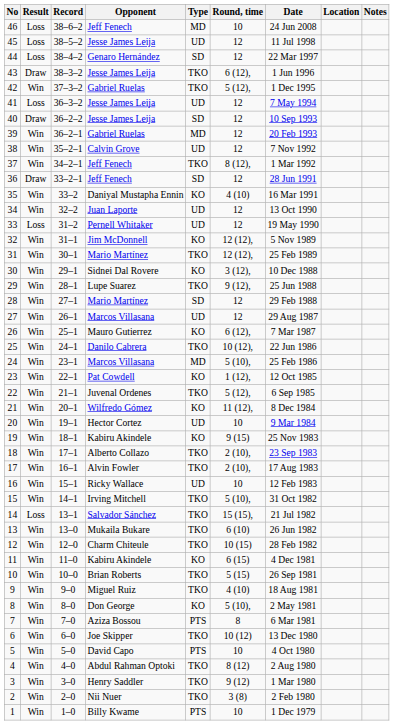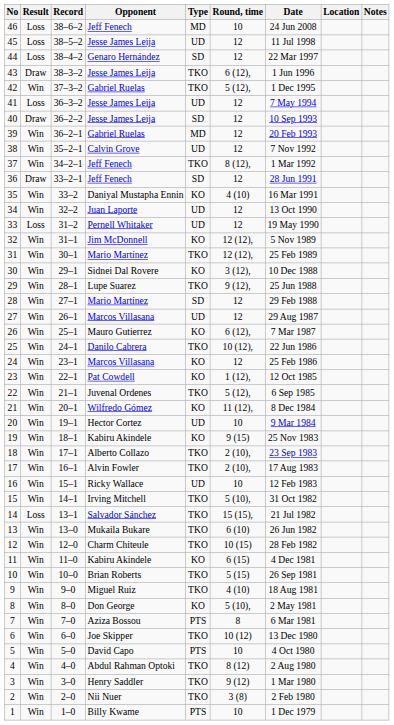 <table class="wikitable" style="text-align:center">
 <tr>
 <th>No</th>
 <th>Result</th>
 <th>Record</th>
 <th>Opponent</th>
 <th>Type</th>
 <th>Round, time</th>
 <th>Date</th>
 <th>Location</th>
 <th>Notes</th>
 </tr>
 <tr align=center>
 <td>46</td>
 <td>Loss</td>
 <td>38–6–2</td>
 <td align=left><a href='#'>Jeff Fenech</a></td>
 <td>MD</td>
 <td>10</td>
 <td>24 Jun 2008</td>
 <td align=left></td>
 <td></td>
 </tr>
 <tr align=center>
 <td>45</td>
 <td>Loss</td>
 <td>38–5–2</td>
 <td align=left><a href='#'>Jesse James Leija</a></td>
 <td>UD</td>
 <td>12</td>
 <td>11 Jul 1998</td>
 <td align=left></td>
 <td></td>
 </tr>
 <tr align=center>
 <td>44</td>
 <td>Loss</td>
 <td>38–4–2</td>
 <td align=left><a href='#'>Genaro Hernández</a></td>
 <td>SD</td>
 <td>12</td>
 <td>22 Mar 1997</td>
 <td align=left></td>
 <td align=left></td>
 </tr>
 <tr align=center>
 <td>43</td>
 <td>Draw</td>
 <td>38–3–2</td>
 <td align=left><a href='#'>Jesse James Leija</a></td>
 <td>TKO</td>
 <td>6 (12), </td>
 <td>1 Jun 1996</td>
 <td align=left></td>
 <td align=left></td>
 </tr>
 <tr align=center>
 <td>42</td>
 <td>Win</td>
 <td>37–3–2</td>
 <td align=left><a href='#'>Gabriel Ruelas</a></td>
 <td>TKO</td>
 <td>5 (12), </td>
 <td>1 Dec 1995</td>
 <td align=left></td>
 <td align=left></td>
 </tr>
 <tr align=center>
 <td>41</td>
 <td>Loss</td>
 <td>36–3–2</td>
 <td align=left><a href='#'>Jesse James Leija</a></td>
 <td>UD</td>
 <td>12</td>
 <td><a href='#'>7 May 1994</a></td>
 <td align=left></td>
 <td align=left></td>
 </tr>
 <tr align=center>
 <td>40</td>
 <td>Draw</td>
 <td>36–2–2</td>
 <td align=left><a href='#'>Jesse James Leija</a></td>
 <td>SD</td>
 <td>12</td>
 <td><a href='#'>10 Sep 1993</a></td>
 <td align=left></td>
 <td align=left></td>
 </tr>
 <tr align=center>
 <td>39</td>
 <td>Win</td>
 <td>36–2–1</td>
 <td align=left><a href='#'>Gabriel Ruelas</a></td>
 <td>MD</td>
 <td>12</td>
 <td><a href='#'>20 Feb 1993</a></td>
 <td align=left></td>
 <td align=left></td>
 </tr>
 <tr align=center>
 <td>38</td>
 <td>Win</td>
 <td>35–2–1</td>
 <td align=left><a href='#'>Calvin Grove</a></td>
 <td>UD</td>
 <td>12</td>
 <td>7 Nov 1992</td>
 <td align=left></td>
 <td align=left></td>
 </tr>
 <tr align=center>
 <td>37</td>
 <td>Win</td>
 <td>34–2–1</td>
 <td align=left><a href='#'>Jeff Fenech</a></td>
 <td>TKO</td>
 <td>8 (12), </td>
 <td>1 Mar 1992</td>
 <td align=left></td>
 <td align=left></td>
 </tr>
 <tr align=center>
 <td>36</td>
 <td>Draw</td>
 <td>33–2–1</td>
 <td align=left><a href='#'>Jeff Fenech</a></td>
 <td>SD</td>
 <td>12</td>
 <td><a href='#'>28 Jun 1991</a></td>
 <td align=left></td>
 <td align=left></td>
 </tr>
 <tr align=center>
 <td>35</td>
 <td>Win</td>
 <td>33–2</td>
 <td align=left>Daniyal Mustapha Ennin</td>
 <td>KO</td>
 <td>4 (10)</td>
 <td>16 Mar 1991</td>
 <td align=left></td>
 <td></td>
 </tr>
 <tr align=center>
 <td>34</td>
 <td>Win</td>
 <td>32–2</td>
 <td align=left><a href='#'>Juan Laporte</a></td>
 <td>UD</td>
 <td>12</td>
 <td>13 Oct 1990</td>
 <td align=left></td>
 <td align=left></td>
 </tr>
 <tr align=center>
 <td>33</td>
 <td>Loss</td>
 <td>31–2</td>
 <td align=left><a href='#'>Pernell Whitaker</a></td>
 <td>UD</td>
 <td>12</td>
 <td>19 May 1990</td>
 <td align=left></td>
 <td align=left></td>
 </tr>
 <tr align=center>
 <td>32</td>
 <td>Win</td>
 <td>31–1</td>
 <td align=left><a href='#'>Jim McDonnell</a></td>
 <td>KO</td>
 <td>12 (12), </td>
 <td>5 Nov 1989</td>
 <td align=left></td>
 <td align=left></td>
 </tr>
 <tr align=center>
 <td>31</td>
 <td>Win</td>
 <td>30–1</td>
 <td align=left><a href='#'>Mario Martínez</a></td>
 <td>TKO</td>
 <td>12 (12), </td>
 <td>25 Feb 1989</td>
 <td align=left></td>
 <td align=left></td>
 </tr>
 <tr align=center>
 <td>30</td>
 <td>Win</td>
 <td>29–1</td>
 <td align=left>Sidnei Dal Rovere</td>
 <td>KO</td>
 <td>3 (12), </td>
 <td>10 Dec 1988</td>
 <td align=left></td>
 <td align=left></td>
 </tr>
 <tr align=center>
 <td>29</td>
 <td>Win</td>
 <td>28–1</td>
 <td align=left>Lupe Suarez</td>
 <td>TKO</td>
 <td>9 (12), </td>
 <td>25 Jun 1988</td>
 <td align=left></td>
 <td align=left></td>
 </tr>
 <tr align=center>
 <td>28</td>
 <td>Win</td>
 <td>27–1</td>
 <td align=left><a href='#'>Mario Martínez</a></td>
 <td>SD</td>
 <td>12</td>
 <td>29 Feb 1988</td>
 <td align=left></td>
 <td align=left></td>
 </tr>
 <tr align=center>
 <td>27</td>
 <td>Win</td>
 <td>26–1</td>
 <td align=left><a href='#'>Marcos Villasana</a></td>
 <td>UD</td>
 <td>12</td>
 <td>29 Aug 1987</td>
 <td align=left></td>
 <td align=left></td>
 </tr>
 <tr align=center>
 <td>26</td>
 <td>Win</td>
 <td>25–1</td>
 <td align=left>Mauro Gutierrez</td>
 <td>KO</td>
 <td>6 (12), </td>
 <td>7 Mar 1987</td>
 <td align=left></td>
 <td align=left></td>
 </tr>
 <tr align=center>
 <td>25</td>
 <td>Win</td>
 <td>24–1</td>
 <td align=left><a href='#'>Danilo Cabrera</a></td>
 <td>TKO</td>
 <td>10 (12), </td>
 <td>22 Jun 1986</td>
 <td align=left></td>
 <td align=left></td>
 </tr>
 <tr align=center>
 <td>24</td>
 <td>Win</td>
 <td>23–1</td>
 <td align=left><a href='#'>Marcos Villasana</a></td>
-<td>MD</td>
-<td>5 (10), </td>
+<td>KO</td>
+<td>12</td>
 <td>25 Feb 1986</td>
 <td align=left></td>
 <td align=left></td>
 </tr>
 <tr align=center>
 <td>23</td>
 <td>Win</td>
 <td>22–1</td>
 <td align=left><a href='#'>Pat Cowdell</a></td>
 <td>KO</td>
 <td>1 (12), </td>
 <td>12 Oct 1985</td>
 <td align=left></td>
 <td align=left></td>
 </tr>
 <tr align=center>
 <td>22</td>
 <td>Win</td>
 <td>21–1</td>
 <td align=left>Juvenal Ordenes</td>
 <td>TKO</td>
 <td>5 (12), </td>
 <td>6 Sep 1985</td>
 <td align=left></td>
 <td align=left></td>
 </tr>
 <tr align=center>
 <td>21</td>
 <td>Win</td>
 <td>20–1</td>
 <td align=left><a href='#'>Wilfredo Gómez</a></td>
 <td>KO</td>
 <td>11 (12), </td>
 <td>8 Dec 1984</td>
 <td align=left></td>
 <td align=left></td>
 </tr>
 <tr align=center>
 <td>20</td>
 <td>Win</td>
 <td>19–1</td>
 <td align=left>Hector Cortez</td>
 <td>UD</td>
 <td>10</td>
 <td><a href='#'>9 Mar 1984</a></td>
 <td align=left></td>
 <td></td>
 </tr>
 <tr align=center>
 <td>19</td>
 <td>Win</td>
 <td>18–1</td>
 <td align=left>Kabiru Akindele</td>
 <td>KO</td>
 <td>9 (15)</td>
 <td>25 Nov 1983</td>
 <td align=left></td>
 <td align=left></td>
 </tr>
 <tr align=center>
 <td>18</td>
 <td>Win</td>
 <td>17–1</td>
 <td align=left>Alberto Collazo</td>
 <td>TKO</td>
 <td>2 (10), </td>
 <td><a href='#'>23 Sep 1983</a></td>
 <td align=left></td>
 <td></td>
 </tr>
 <tr align=center>
 <td>17</td>
 <td>Win</td>
 <td>16–1</td>
 <td align=left>Alvin Fowler</td>
 <td>TKO</td>
 <td>2 (10), </td>
 <td>17 Aug 1983</td>
 <td align=left></td>
 <td></td>
 </tr>
 <tr align=center>
 <td>16</td>
 <td>Win</td>
 <td>15–1</td>
 <td align=left>Ricky Wallace</td>
 <td>UD</td>
 <td>10</td>
 <td>12 Feb 1983</td>
 <td align=left></td>
 <td></td>
 </tr>
 <tr align=center>
 <td>15</td>
 <td>Win</td>
 <td>14–1</td>
 <td align=left>Irving Mitchell</td>
 <td>TKO</td>
 <td>5 (10), </td>
 <td>31 Oct 1982</td>
 <td align=left></td>
 <td></td>
 </tr>
 <tr align=center>
 <td>14</td>
 <td>Loss</td>
 <td>13–1</td>
 <td align=left><a href='#'>Salvador Sánchez</a></td>
 <td>TKO</td>
 <td>15 (15), </td>
 <td>21 Jul 1982</td>
 <td align=left></td>
 <td align=left></td>
 </tr>
 <tr align=center>
 <td>13</td>
 <td>Win</td>
 <td>13–0</td>
 <td align=left>Mukaila Bukare</td>
 <td>TKO</td>
 <td>6 (10)</td>
 <td>26 Jun 1982</td>
 <td align=left></td>
 <td></td>
 </tr>
 <tr align=center>
 <td>12</td>
 <td>Win</td>
 <td>12–0</td>
 <td align=left>Charm Chiteule</td>
 <td>TKO</td>
 <td>10 (15)</td>
 <td>28 Feb 1982</td>
 <td align=left></td>
 <td align=left></td>
 </tr>
 <tr align=center>
 <td>11</td>
 <td>Win</td>
 <td>11–0</td>
 <td align=left>Kabiru Akindele</td>
 <td>KO</td>
 <td>6 (15)</td>
 <td>4 Dec 1981</td>
 <td align=left></td>
 <td align=left></td>
 </tr>
 <tr align=center>
 <td>10</td>
 <td>Win</td>
 <td>10–0</td>
 <td align=left>Brian Roberts</td>
 <td>TKO</td>
 <td>5 (15)</td>
 <td>26 Sep 1981</td>
 <td align=left></td>
 <td align=left></td>
 </tr>
 <tr align=center>
 <td>9</td>
 <td>Win</td>
 <td>9–0</td>
 <td align=left>Miguel Ruiz</td>
 <td>TKO</td>
 <td>4 (10)</td>
 <td>18 Aug 1981</td>
 <td align=left></td>
 <td></td>
 </tr>
 <tr align=center>
 <td>8</td>
 <td>Win</td>
 <td>8–0</td>
 <td align=left>Don George</td>
 <td>KO</td>
 <td>5 (10), </td>
 <td>2 May 1981</td>
 <td align=left></td>
 <td></td>
 </tr>
 <tr align=center>
 <td>7</td>
 <td>Win</td>
 <td>7–0</td>
 <td align=left>Aziza Bossou</td>
 <td>PTS</td>
 <td>8</td>
 <td>6 Mar 1981</td>
 <td align=left></td>
 <td></td>
 </tr>
 <tr align=center>
 <td>6</td>
 <td>Win</td>
 <td>6–0</td>
 <td align=left>Joe Skipper</td>
 <td>TKO</td>
 <td>10 (12)</td>
 <td>13 Dec 1980</td>
 <td align=left></td>
 <td align=left></td>
 </tr>
 <tr align=center>
 <td>5</td>
 <td>Win</td>
 <td>5–0</td>
 <td align=left>David Capo</td>
 <td>PTS</td>
 <td>10</td>
 <td>4 Oct 1980</td>
 <td align=left></td>
 <td></td>
 </tr>
 <tr align=center>
 <td>4</td>
 <td>Win</td>
 <td>4–0</td>
 <td align=left>Abdul Rahman Optoki</td>
 <td>TKO</td>
 <td>8 (12)</td>
 <td>2 Aug 1980</td>
 <td align=left></td>
 <td align=left></td>
 </tr>
 <tr align=center>
 <td>3</td>
 <td>Win</td>
 <td>3–0</td>
 <td align=left>Henry Saddler</td>
 <td>TKO</td>
 <td>9 (12)</td>
 <td>1 Mar 1980</td>
 <td align=left></td>
 <td align=left></td>
 </tr>
 <tr align=center>
 <td>2</td>
 <td>Win</td>
 <td>2–0</td>
 <td align=left>Nii Nuer</td>
 <td>TKO</td>
 <td>3 (8)</td>
 <td>2 Feb 1980</td>
 <td align=left></td>
 <td></td>
 </tr>
 <tr align=center>
 <td>1</td>
 <td>Win</td>
 <td>1–0</td>
 <td align=left>Billy Kwame</td>
 <td>PTS</td>
 <td>10</td>
 <td>1 Dec 1979</td>
 <td align=left></td>
 <td></td>
 </tr>
 </table>
